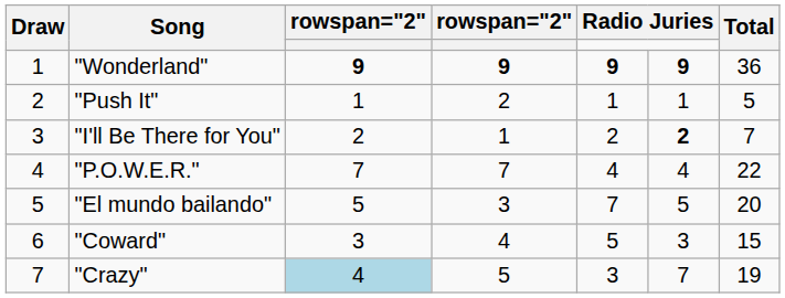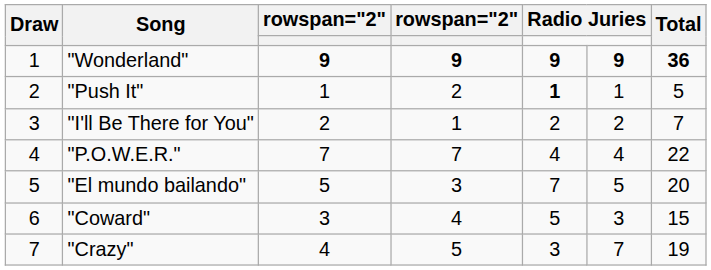 <table class="wikitable collapsible" style="margin: 1em auto 1em auto; text-align:center;">
 <tr>
 <th rowspan="2">Draw</th>
 <th rowspan="2">Song</th>
 <th>rowspan="2" </th>
 <th>rowspan="2" </th>
 <th colspan="2">Radio Juries</th>
 <th rowspan="2">Total</th>
 </tr>
 <tr>
 <th></th>
 <th></th>
 </tr>
 <tr>
 <td>1</td>
 <td align="left">"Wonderland"</td>
 <td><strong>9</strong></td>
 <td><strong>9</strong></td>
 <td><strong>9</strong></td>
 <td><strong>9</strong></td>
-<td>36</td>
+<td><strong>36</strong></td>
 </tr>
 <tr>
 <td>2</td>
 <td align="left">"Push It"</td>
 <td>1</td>
 <td>2</td>
-<td>1</td>
+<td><strong>1</strong></td>
 <td>1</td>
 <td>5</td>
 </tr>
 <tr>
 <td>3</td>
 <td align="left">"I'll Be There for You"</td>
 <td>2</td>
 <td>1</td>
 <td>2</td>
-<td><strong>2</strong></td>
+<td>2</td>
 <td>7</td>
 </tr>
 <tr>
 <td>4</td>
 <td align="left">"P.O.W.E.R."</td>
 <td>7</td>
 <td>7</td>
 <td>4</td>
 <td>4</td>
 <td>22</td>
 </tr>
 <tr>
 <td>5</td>
 <td align="left">"El mundo bailando"</td>
 <td>5</td>
 <td>3</td>
 <td>7</td>
 <td>5</td>
 <td>20</td>
 </tr>
 <tr>
 <td>6</td>
 <td align="left">"Coward"</td>
 <td>3</td>
 <td>4</td>
 <td>5</td>
 <td>3</td>
 <td>15</td>
 </tr>
 <tr>
 <td>7</td>
 <td align="left">"Crazy"</td>
-<td style="background: lightblue;">4</td>
+<td>4</td>
 <td>5</td>
 <td>3</td>
 <td>7</td>
 <td>19</td>
 </tr>
 </table>
